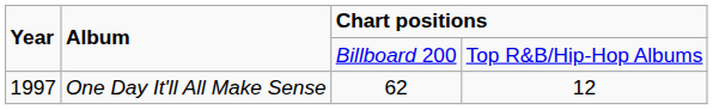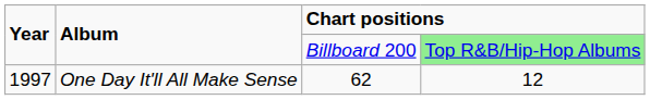 <table class="wikitable">
 <tr>
 <td rowspan="2"><strong>Year</strong></td>
 <td rowspan="2"><strong>Album</strong></td>
 <td colspan="2"><strong>Chart positions</strong></td>
 </tr>
 <tr>
 <td><a href='#'><em>Billboard</em> 200</a></td>
-<td><a href='#'>Top R&B/Hip-Hop Albums</a></td>
+<td style="background: lightgreen;"><a href='#'>Top R&B/Hip-Hop Albums</a></td>
 </tr>
 <tr>
 <td>1997</td>
 <td><em>One Day It'll All Make Sense</em></td>
 <td style="text-align:center; vertical-align:top;">62</td>
 <td style="text-align:center; vertical-align:top;">12</td>
 </tr>
 </table>
